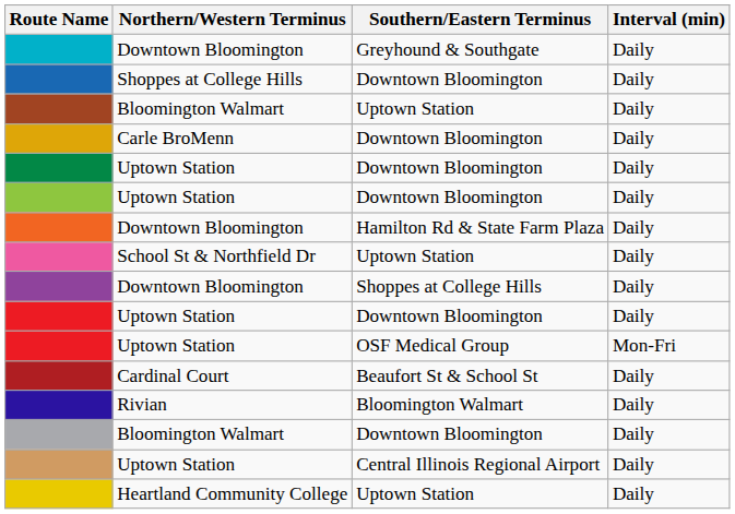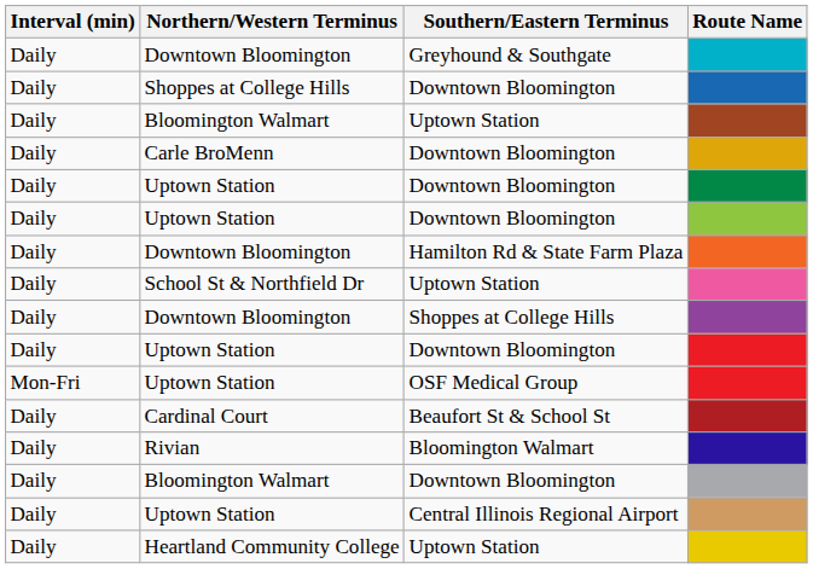 <table class="wikitable sortable mw-collapsible">
 <tr>
-<th>Route Name</th>
+<th>Interval (min)</th>
 <th>Northern/Western Terminus</th>
 <th>Southern/Eastern Terminus</th>
-<th>Interval (min)</th>
+<th>Route Name</th>
 </tr>
 <tr>
-<td style="background: #01B1C9; color: white; vertical-align: middle; text-align: "></td>
+<td>Daily</td>
 <td>Downtown Bloomington</td>
 <td>Greyhound & Southgate</td>
-<td>Daily</td>
+<td style="background: #01B1C9; color: white; vertical-align: middle; text-align: "></td>
 </tr>
 <tr>
-<td style="background: #1968B3; color: white; vertical-align: middle; text-align: "></td>
+<td>Daily</td>
 <td>Shoppes at College Hills</td>
 <td>Downtown Bloomington</td>
-<td>Daily</td>
+<td style="background: #1968B3; color: white; vertical-align: middle; text-align: "></td>
 </tr>
 <tr>
-<td style="background: #A14422; color: white; vertical-align: middle; text-align: "></td>
+<td>Daily</td>
 <td>Bloomington Walmart</td>
 <td>Uptown Station</td>
-<td>Daily</td>
+<td style="background: #A14422; color: white; vertical-align: middle; text-align: "></td>
 </tr>
 <tr>
-<td style="background: #DeA608; color: white; vertical-align: middle; text-align: "></td>
+<td>Daily</td>
 <td>Carle BroMenn</td>
 <td>Downtown Bloomington</td>
-<td>Daily</td>
+<td style="background: #DeA608; color: white; vertical-align: middle; text-align: "></td>
 </tr>
 <tr>
-<td style="background: #028846; color: white; vertical-align: middle; text-align: "></td>
+<td>Daily</td>
 <td>Uptown Station</td>
 <td>Downtown Bloomington</td>
-<td>Daily</td>
+<td style="background: #028846; color: white; vertical-align: middle; text-align: "></td>
 </tr>
 <tr>
-<td style="background: #8EC63F; color: white; vertical-align: middle; text-align: "></td>
+<td>Daily</td>
 <td>Uptown Station</td>
 <td>Downtown Bloomington</td>
-<td>Daily</td>
+<td style="background: #8EC63F; color: white; vertical-align: middle; text-align: "></td>
 </tr>
 <tr>
-<td style="background: #F26522; color: white; vertical-align: middle; text-align: "></td>
+<td>Daily</td>
 <td>Downtown Bloomington</td>
 <td>Hamilton Rd & State Farm Plaza</td>
-<td>Daily</td>
+<td style="background: #F26522; color: white; vertical-align: middle; text-align: "></td>
 </tr>
 <tr>
-<td style="background: #EF59A1; color: white; vertical-align: middle; text-align: "></td>
+<td>Daily</td>
 <td>School St & Northfield Dr</td>
 <td>Uptown Station</td>
-<td>Daily</td>
+<td style="background: #EF59A1; color: white; vertical-align: middle; text-align: "></td>
 </tr>
 <tr>
-<td style="background: #8F439C; color: white; vertical-align: middle; text-align: "></td>
+<td>Daily</td>
 <td>Downtown Bloomington</td>
 <td>Shoppes at College Hills</td>
-<td>Daily</td>
+<td style="background: #8F439C; color: white; vertical-align: middle; text-align: "></td>
 </tr>
 <tr>
-<td style="background: #ED1B23; color: white; vertical-align: middle; text-align: "></td>
+<td>Daily</td>
 <td>Uptown Station</td>
 <td>Downtown Bloomington</td>
-<td>Daily</td>
+<td style="background: #ED1B23; color: white; vertical-align: middle; text-align: "></td>
 </tr>
 <tr>
-<td style="background: #ED1B23; color: white; vertical-align: middle; text-align: "></td>
+<td>Mon-Fri</td>
 <td>Uptown Station</td>
 <td>OSF Medical Group</td>
-<td>Mon-Fri</td>
+<td style="background: #ED1B23; color: white; vertical-align: middle; text-align: "></td>
 </tr>
 <tr>
-<td style="background: #AF1E22; color: white; vertical-align: middle; text-align: "></td>
+<td>Daily</td>
 <td>Cardinal Court</td>
 <td>Beaufort St & School St</td>
-<td>Daily</td>
+<td style="background: #AF1E22; color: white; vertical-align: middle; text-align: "></td>
 </tr>
 <tr>
-<td style="background: #2B13A1; color: white; vertical-align: middle; text-align: "></td>
+<td>Daily</td>
 <td>Rivian</td>
 <td>Bloomington Walmart</td>
-<td>Daily</td>
+<td style="background: #2B13A1; color: white; vertical-align: middle; text-align: "></td>
 </tr>
 <tr>
-<td style="background: #A8A9AD; color: white; vertical-align: middle; text-align: "></td>
+<td>Daily</td>
 <td>Bloomington Walmart</td>
 <td>Downtown Bloomington</td>
-<td>Daily</td>
+<td style="background: #A8A9AD; color: white; vertical-align: middle; text-align: "></td>
 </tr>
 <tr>
-<td style="background: #D09B62; color: white; vertical-align: middle; text-align: "></td>
+<td>Daily</td>
 <td>Uptown Station</td>
 <td>Central Illinois Regional Airport</td>
-<td>Daily</td>
+<td style="background: #D09B62; color: white; vertical-align: middle; text-align: "></td>
 </tr>
 <tr>
-<td style="background: #E9CA00; color: #0A0A0A; vertical-align: middle; text-align: "></td>
+<td>Daily</td>
 <td>Heartland Community College</td>
 <td>Uptown Station</td>
-<td>Daily</td>
+<td style="background: #E9CA00; color: #0A0A0A; vertical-align: middle; text-align: "></td>
 </tr>
 </table>
